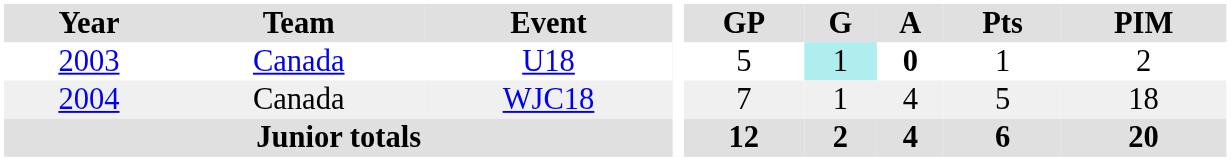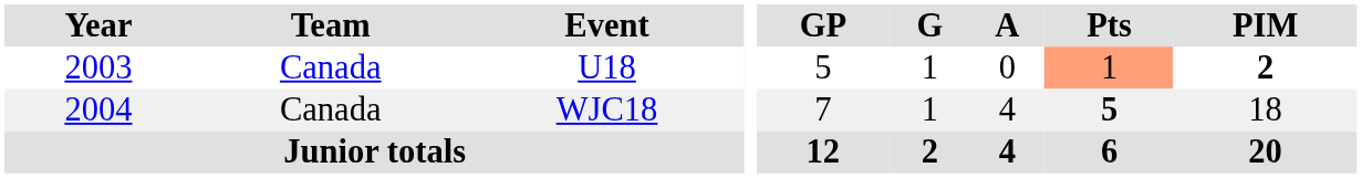 <table border="0" cellpadding="1" cellspacing="0" ID="Table3" style="text-align:center; width:40em">
 <tr ALIGN="center" bgcolor="#e0e0e0">
 <th>Year</th>
 <th>Team</th>
 <th>Event</th>
 <th rowspan="99" bgcolor="#ffffff"></th>
 <th>GP</th>
 <th>G</th>
 <th>A</th>
 <th>Pts</th>
 <th>PIM</th>
 </tr>
 <tr>
 <td><a href='#'>2003</a></td>
 <td><a href='#'>Canada</a></td>
 <td><a href='#'>U18</a></td>
 <td>5</td>
-<td style="background: paleturquoise;">1</td>
-<td><strong>0</strong></td>
 <td>1</td>
-<td>2</td>
+<td>0</td>
+<td style="background: lightsalmon;">1</td>
+<td><strong>2</strong></td>
 </tr>
 <tr bgcolor="#f0f0f0">
 <td><a href='#'>2004</a></td>
 <td>Canada</td>
 <td><a href='#'>WJC18</a></td>
 <td>7</td>
 <td>1</td>
 <td>4</td>
-<td>5</td>
+<td><strong>5</strong></td>
 <td>18</td>
 </tr>
 <tr bgcolor="#e0e0e0">
 <th colspan="3">Junior totals</th>
 <th>12</th>
 <th>2</th>
 <th>4</th>
 <th>6</th>
 <th>20</th>
 </tr>
 </table>
